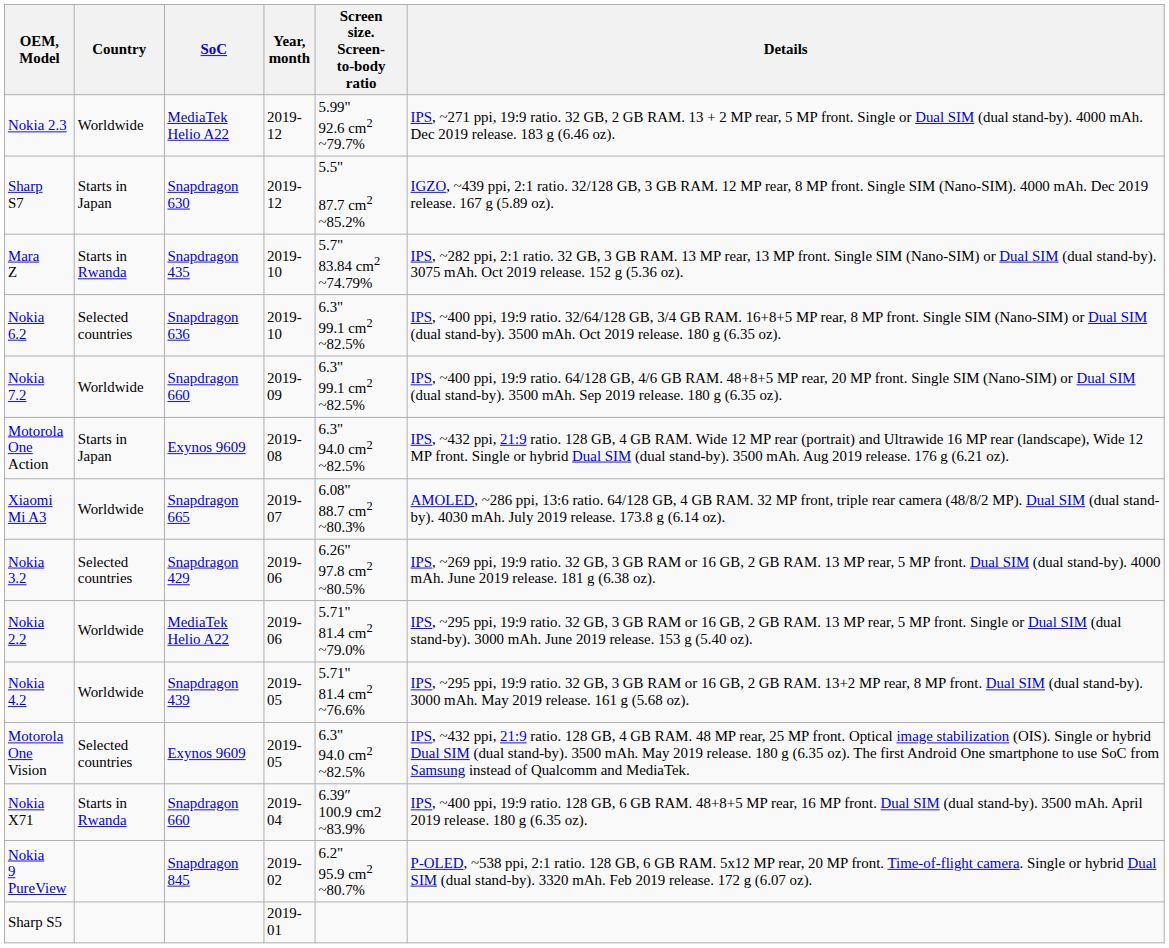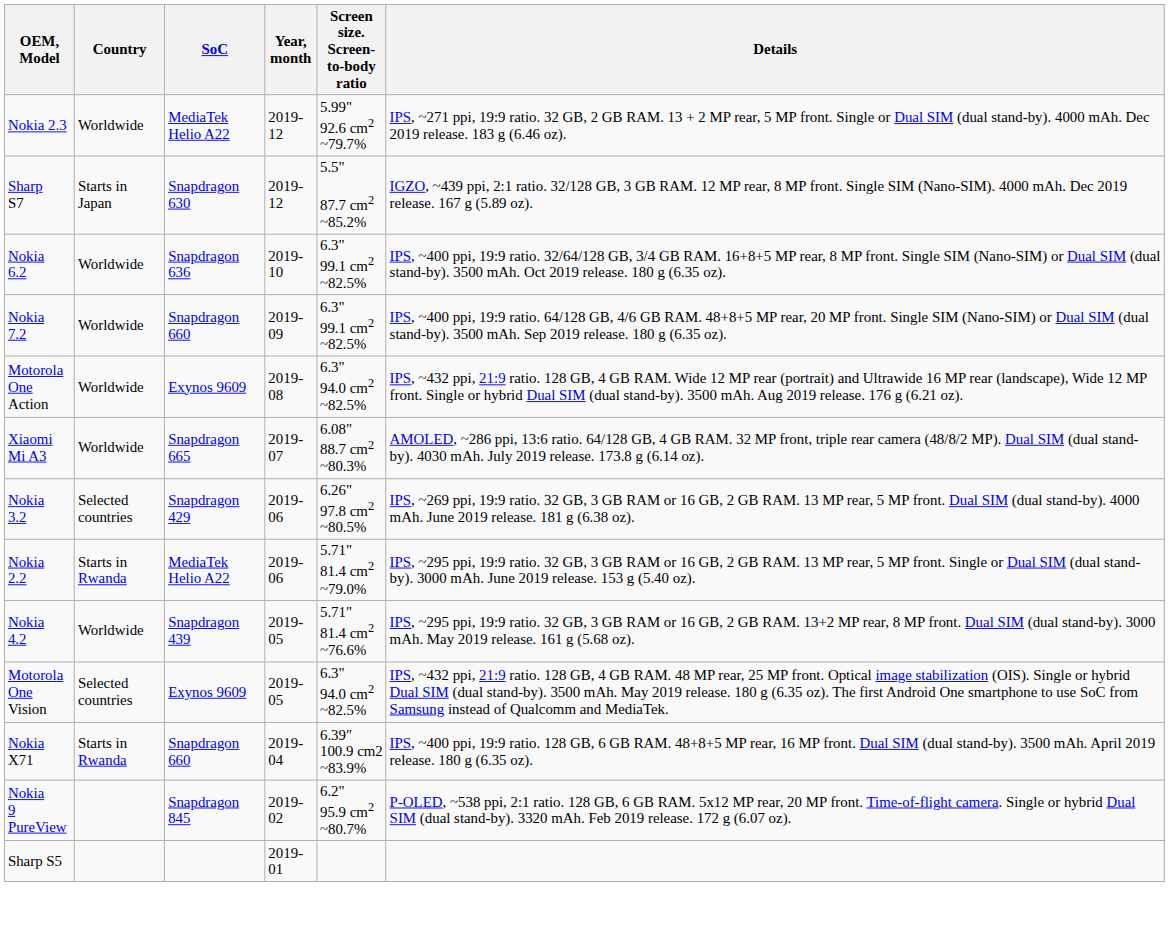 <table class="wikitable sortable">
 <tr>
 <th>OEM,<br>Model</th>
 <th>Country</th>
 <th><a href='#'>SoC</a></th>
 <th data-sort-type=isoDate>Year,<br>month</th>
 <th data-sort-type=number>Screen<br>size.<br>Screen-<br>to-body<br>ratio</th>
 <th>Details</th>
 </tr>
 <tr>
 <td><a href='#'>Nokia 2.3</a></td>
 <td>Worldwide</td>
 <td><a href='#'>MediaTek Helio A22</a></td>
 <td>2019-12</td>
 <td>5.99"<br>92.6 cm<sup>2</sup><br>~79.7%</td>
 <td><a href='#'>IPS</a>, ~271 ppi, 19:9 ratio. 32 GB, 2 GB RAM. 13 + 2 MP rear, 5 MP front. Single or <a href='#'>Dual SIM</a> (dual stand-by). 4000 mAh. Dec 2019 release. 183 g (6.46 oz).</td>
 </tr>
 <tr>
 <td><a href='#'>Sharp</a><br>S7</td>
 <td>Starts in Japan</td>
 <td><a href='#'>Snapdragon 630</a></td>
 <td>2019-12</td>
 <td>5.5"<br><br>87.7 cm<sup>2</sup><br> ~85.2%</td>
 <td><a href='#'>IGZO</a>, ~439 ppi, 2:1 ratio. 32/128 GB, 3 GB RAM. 12 MP rear, 8 MP front. Single SIM (Nano-SIM). 4000 mAh. Dec 2019 release. 167 g (5.89 oz).</td>
 </tr>
 <tr>
-<td><a href='#'>Mara</a><br>Z</td>
-<td>Starts in <a href='#'>Rwanda</a></td>
-<td><a href='#'>Snapdragon 435</a></td>
-<td>2019-10</td>
-<td>5.7"<br>83.84 cm<sup>2</sup> ~74.79%</td>
-<td><a href='#'>IPS</a>, ~282 ppi, 2:1 ratio. 32 GB, 3 GB RAM. 13 MP rear, 13 MP front. Single SIM (Nano-SIM) or <a href='#'>Dual SIM</a> (dual stand-by). 3075 mAh. Oct 2019 release. 152 g (5.36 oz).</td>
-</tr>
-<tr>
 <td><a href='#'>Nokia<br>6.2</a></td>
-<td>Selected countries</td>
+<td>Worldwide</td>
 <td><a href='#'>Snapdragon 636</a></td>
 <td>2019-10</td>
 <td>6.3"<br>99.1 cm<sup>2</sup><br>~82.5%</td>
 <td><a href='#'>IPS</a>, ~400 ppi, 19:9 ratio. 32/64/128 GB, 3/4 GB RAM. 16+8+5 MP rear, 8 MP front. Single SIM (Nano-SIM) or <a href='#'>Dual SIM</a> (dual stand-by). 3500 mAh. Oct 2019 release. 180 g (6.35 oz).</td>
 </tr>
 <tr>
 <td><a href='#'>Nokia<br>7.2</a></td>
 <td>Worldwide</td>
 <td><a href='#'>Snapdragon 660</a></td>
 <td>2019-09</td>
 <td>6.3"<br>99.1 cm<sup>2</sup><br>~82.5%</td>
 <td><a href='#'>IPS</a>, ~400 ppi, 19:9 ratio. 64/128 GB, 4/6 GB RAM. 48+8+5 MP rear, 20 MP front. Single SIM (Nano-SIM) or <a href='#'>Dual SIM</a> (dual stand-by). 3500 mAh. Sep 2019 release. 180 g (6.35 oz).</td>
 </tr>
 <tr>
 <td><a href='#'>Motorola<br>One</a><br>Action</td>
-<td>Starts in Japan</td>
+<td>Worldwide</td>
 <td><a href='#'>Exynos 9609</a></td>
 <td>2019-08</td>
 <td>6.3"<br>94.0 cm<sup>2</sup><br>~82.5%</td>
 <td><a href='#'>IPS</a>, ~432 ppi, <a href='#'>21:9</a> ratio. 128 GB, 4 GB RAM. Wide 12 MP rear (portrait) and Ultrawide 16 MP rear (landscape), Wide 12 MP front. Single or hybrid <a href='#'>Dual SIM</a> (dual stand-by). 3500 mAh. Aug 2019 release. 176 g (6.21 oz).</td>
 </tr>
 <tr>
 <td><a href='#'>Xiaomi<br>Mi A3</a></td>
 <td>Worldwide</td>
 <td><a href='#'>Snapdragon 665</a></td>
 <td>2019-07</td>
 <td>6.08"<br>88.7 cm<sup>2</sup><br>~80.3%</td>
 <td><a href='#'>AMOLED</a>, ~286 ppi, 13:6 ratio. 64/128 GB, 4 GB RAM. 32 MP front, triple rear camera (48/8/2 MP). <a href='#'>Dual SIM</a> (dual stand-by). 4030 mAh. July 2019 release. 173.8 g (6.14 oz).</td>
 </tr>
 <tr>
 <td><a href='#'>Nokia<br>3.2</a></td>
 <td>Selected countries</td>
 <td><a href='#'>Snapdragon 429</a></td>
 <td>2019-06</td>
 <td>6.26"<br>97.8 cm<sup>2</sup><br>~80.5%</td>
 <td><a href='#'>IPS</a>, ~269 ppi, 19:9 ratio. 32 GB, 3 GB RAM or 16 GB, 2 GB RAM. 13 MP rear, 5 MP front. <a href='#'>Dual SIM</a> (dual stand-by). 4000 mAh. June 2019 release. 181 g (6.38 oz).</td>
 </tr>
 <tr>
 <td><a href='#'>Nokia<br>2.2</a></td>
-<td>Worldwide</td>
+<td>Starts in <a href='#'>Rwanda</a></td>
 <td><a href='#'>MediaTek Helio A22</a></td>
 <td>2019-06</td>
 <td>5.71"<br>81.4 cm<sup>2</sup><br>~79.0%</td>
 <td><a href='#'>IPS</a>, ~295 ppi, 19:9 ratio. 32 GB, 3 GB RAM or 16 GB, 2 GB RAM. 13 MP rear, 5 MP front. Single or <a href='#'>Dual SIM</a> (dual stand-by). 3000 mAh. June 2019 release. 153 g (5.40 oz).</td>
 </tr>
 <tr>
 <td><a href='#'>Nokia<br>4.2</a></td>
 <td>Worldwide</td>
 <td><a href='#'>Snapdragon 439</a></td>
 <td>2019-05</td>
 <td>5.71"<br>81.4 cm<sup>2</sup><br>~76.6%</td>
 <td><a href='#'>IPS</a>, ~295 ppi, 19:9 ratio. 32 GB, 3 GB RAM or 16 GB, 2 GB RAM. 13+2 MP rear, 8 MP front. <a href='#'>Dual SIM</a> (dual stand-by). 3000 mAh. May 2019 release. 161 g (5.68 oz).</td>
 </tr>
 <tr>
 <td><a href='#'>Motorola<br>One</a><br>Vision</td>
 <td>Selected countries</td>
 <td><a href='#'>Exynos 9609</a></td>
 <td>2019-05</td>
 <td>6.3"<br>94.0 cm<sup>2</sup><br>~82.5%</td>
 <td><a href='#'>IPS</a>, ~432 ppi, <a href='#'>21:9</a> ratio. 128 GB, 4 GB RAM. 48 MP rear, 25 MP front. Optical <a href='#'>image stabilization</a> (OIS). Single or hybrid <a href='#'>Dual SIM</a> (dual stand-by). 3500 mAh. May 2019 release. 180 g (6.35 oz). The first Android One smartphone to use SoC from <a href='#'>Samsung</a> instead of Qualcomm and MediaTek.</td>
 </tr>
 <tr>
 <td><a href='#'>Nokia</a><br>X71</td>
 <td>Starts in <a href='#'>Rwanda</a></td>
 <td><a href='#'>Snapdragon 660</a></td>
 <td>2019-04</td>
 <td>6.39″<br>100.9 cm2<br>~83.9%</td>
 <td><a href='#'>IPS</a>, ~400 ppi, 19:9 ratio. 128 GB, 6 GB RAM. 48+8+5 MP rear, 16 MP front. <a href='#'>Dual SIM</a> (dual stand-by). 3500 mAh. April 2019 release. 180 g (6.35 oz).</td>
 </tr>
 <tr>
 <td><a href='#'>Nokia<br>9 PureView</a></td>
 <td></td>
 <td><a href='#'>Snapdragon 845</a></td>
 <td>2019-02</td>
 <td>6.2"<br>95.9 cm<sup>2</sup><br>~80.7%</td>
 <td><a href='#'>P-OLED</a>, ~538 ppi, 2:1 ratio. 128 GB, 6 GB RAM. 5x12 MP rear, 20 MP front. <a href='#'>Time-of-flight camera</a>. Single or hybrid <a href='#'>Dual SIM</a> (dual stand-by). 3320 mAh. Feb 2019 release. 172 g (6.07 oz).</td>
 </tr>
 <tr>
 <td>Sharp S5</td>
 <td></td>
 <td></td>
 <td>2019-01</td>
 <td></td>
 <td></td>
 </tr>
 </table>
